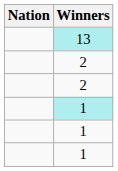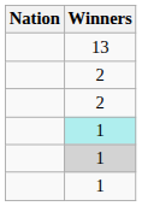 <table class="wikitable">
 <tr>
 <th>Nation</th>
 <th>Winners</th>
 </tr>
 <tr>
 <td></td>
-<td align="center" style="background: paleturquoise;">13</td>
+<td align="center">13</td>
 </tr>
 <tr>
 <td></td>
 <td align="center">2</td>
 </tr>
 <tr>
 <td></td>
 <td align="center">2</td>
 </tr>
 <tr>
 <td></td>
 <td align="center" style="background: paleturquoise;">1</td>
 </tr>
 <tr>
 <td></td>
-<td align="center">1</td>
+<td align="center" style="background: lightgrey;">1</td>
 </tr>
 <tr>
 <td></td>
 <td align="center">1</td>
 </tr>
 </table>
